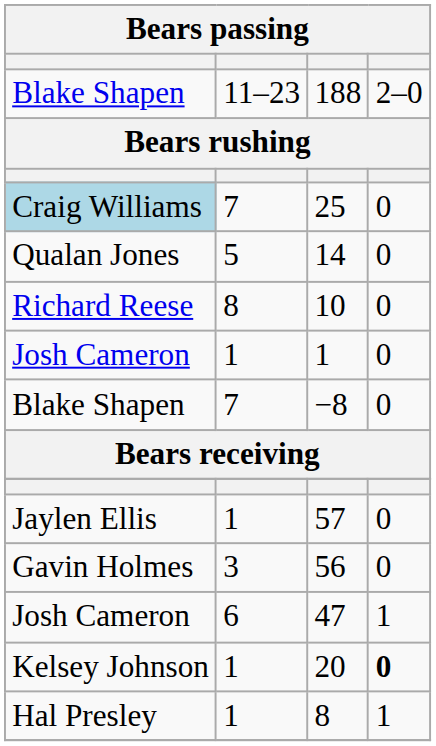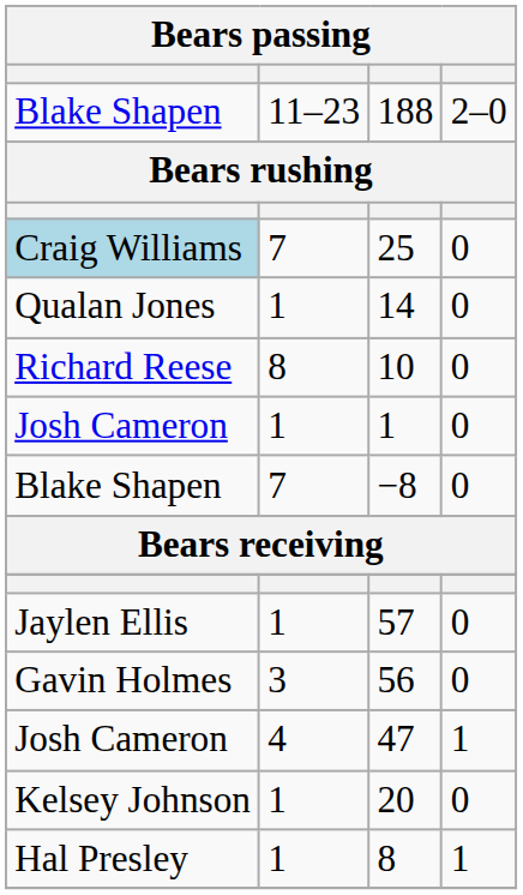 <table class="wikitable plainrowheaders">
 <tr>
 <th colspan="6">Bears passing</th>
 </tr>
 <tr>
 <th scope="col"></th>
 <th scope="col"></th>
 <th scope="col"></th>
 <th scope="col"></th>
 </tr>
 <tr>
 <td><a href='#'>Blake Shapen</a></td>
 <td>11–23</td>
 <td>188</td>
 <td>2–0</td>
 </tr>
 <tr>
 <th colspan="6">Bears rushing</th>
 </tr>
 <tr>
 <th scope="col"></th>
 <th scope="col"></th>
 <th scope="col"></th>
 <th scope="col"></th>
 </tr>
 <tr>
 <td style="background: lightblue;">Craig Williams</td>
 <td>7</td>
 <td>25</td>
 <td>0</td>
 </tr>
 <tr>
 <td>Qualan Jones</td>
-<td>5</td>
+<td>1</td>
 <td>14</td>
 <td>0</td>
 </tr>
 <tr>
 <td><a href='#'>Richard Reese</a></td>
 <td>8</td>
 <td>10</td>
 <td>0</td>
 </tr>
 <tr>
 <td><a href='#'>Josh Cameron</a></td>
 <td>1</td>
 <td>1</td>
 <td>0</td>
 </tr>
 <tr>
 <td>Blake Shapen</td>
 <td>7</td>
 <td>−8</td>
 <td>0</td>
 </tr>
 <tr>
 <th colspan="6">Bears receiving</th>
 </tr>
 <tr>
 </tr>
 <tr>
 <th scope="col"></th>
 <th scope="col"></th>
 <th scope="col"></th>
 <th scope="col"></th>
 </tr>
 <tr>
 <td>Jaylen Ellis</td>
 <td>1</td>
 <td>57</td>
 <td>0</td>
 </tr>
 <tr>
 <td>Gavin Holmes</td>
 <td>3</td>
 <td>56</td>
 <td>0</td>
 </tr>
 <tr>
 <td>Josh Cameron</td>
-<td>6</td>
+<td>4</td>
 <td>47</td>
 <td>1</td>
 </tr>
 <tr>
 <td>Kelsey Johnson</td>
 <td>1</td>
 <td>20</td>
-<td><strong>0</strong></td>
+<td>0</td>
 </tr>
 <tr>
 <td>Hal Presley</td>
 <td>1</td>
 <td>8</td>
 <td>1</td>
 </tr>
 <tr>
 </tr>
 </table>
